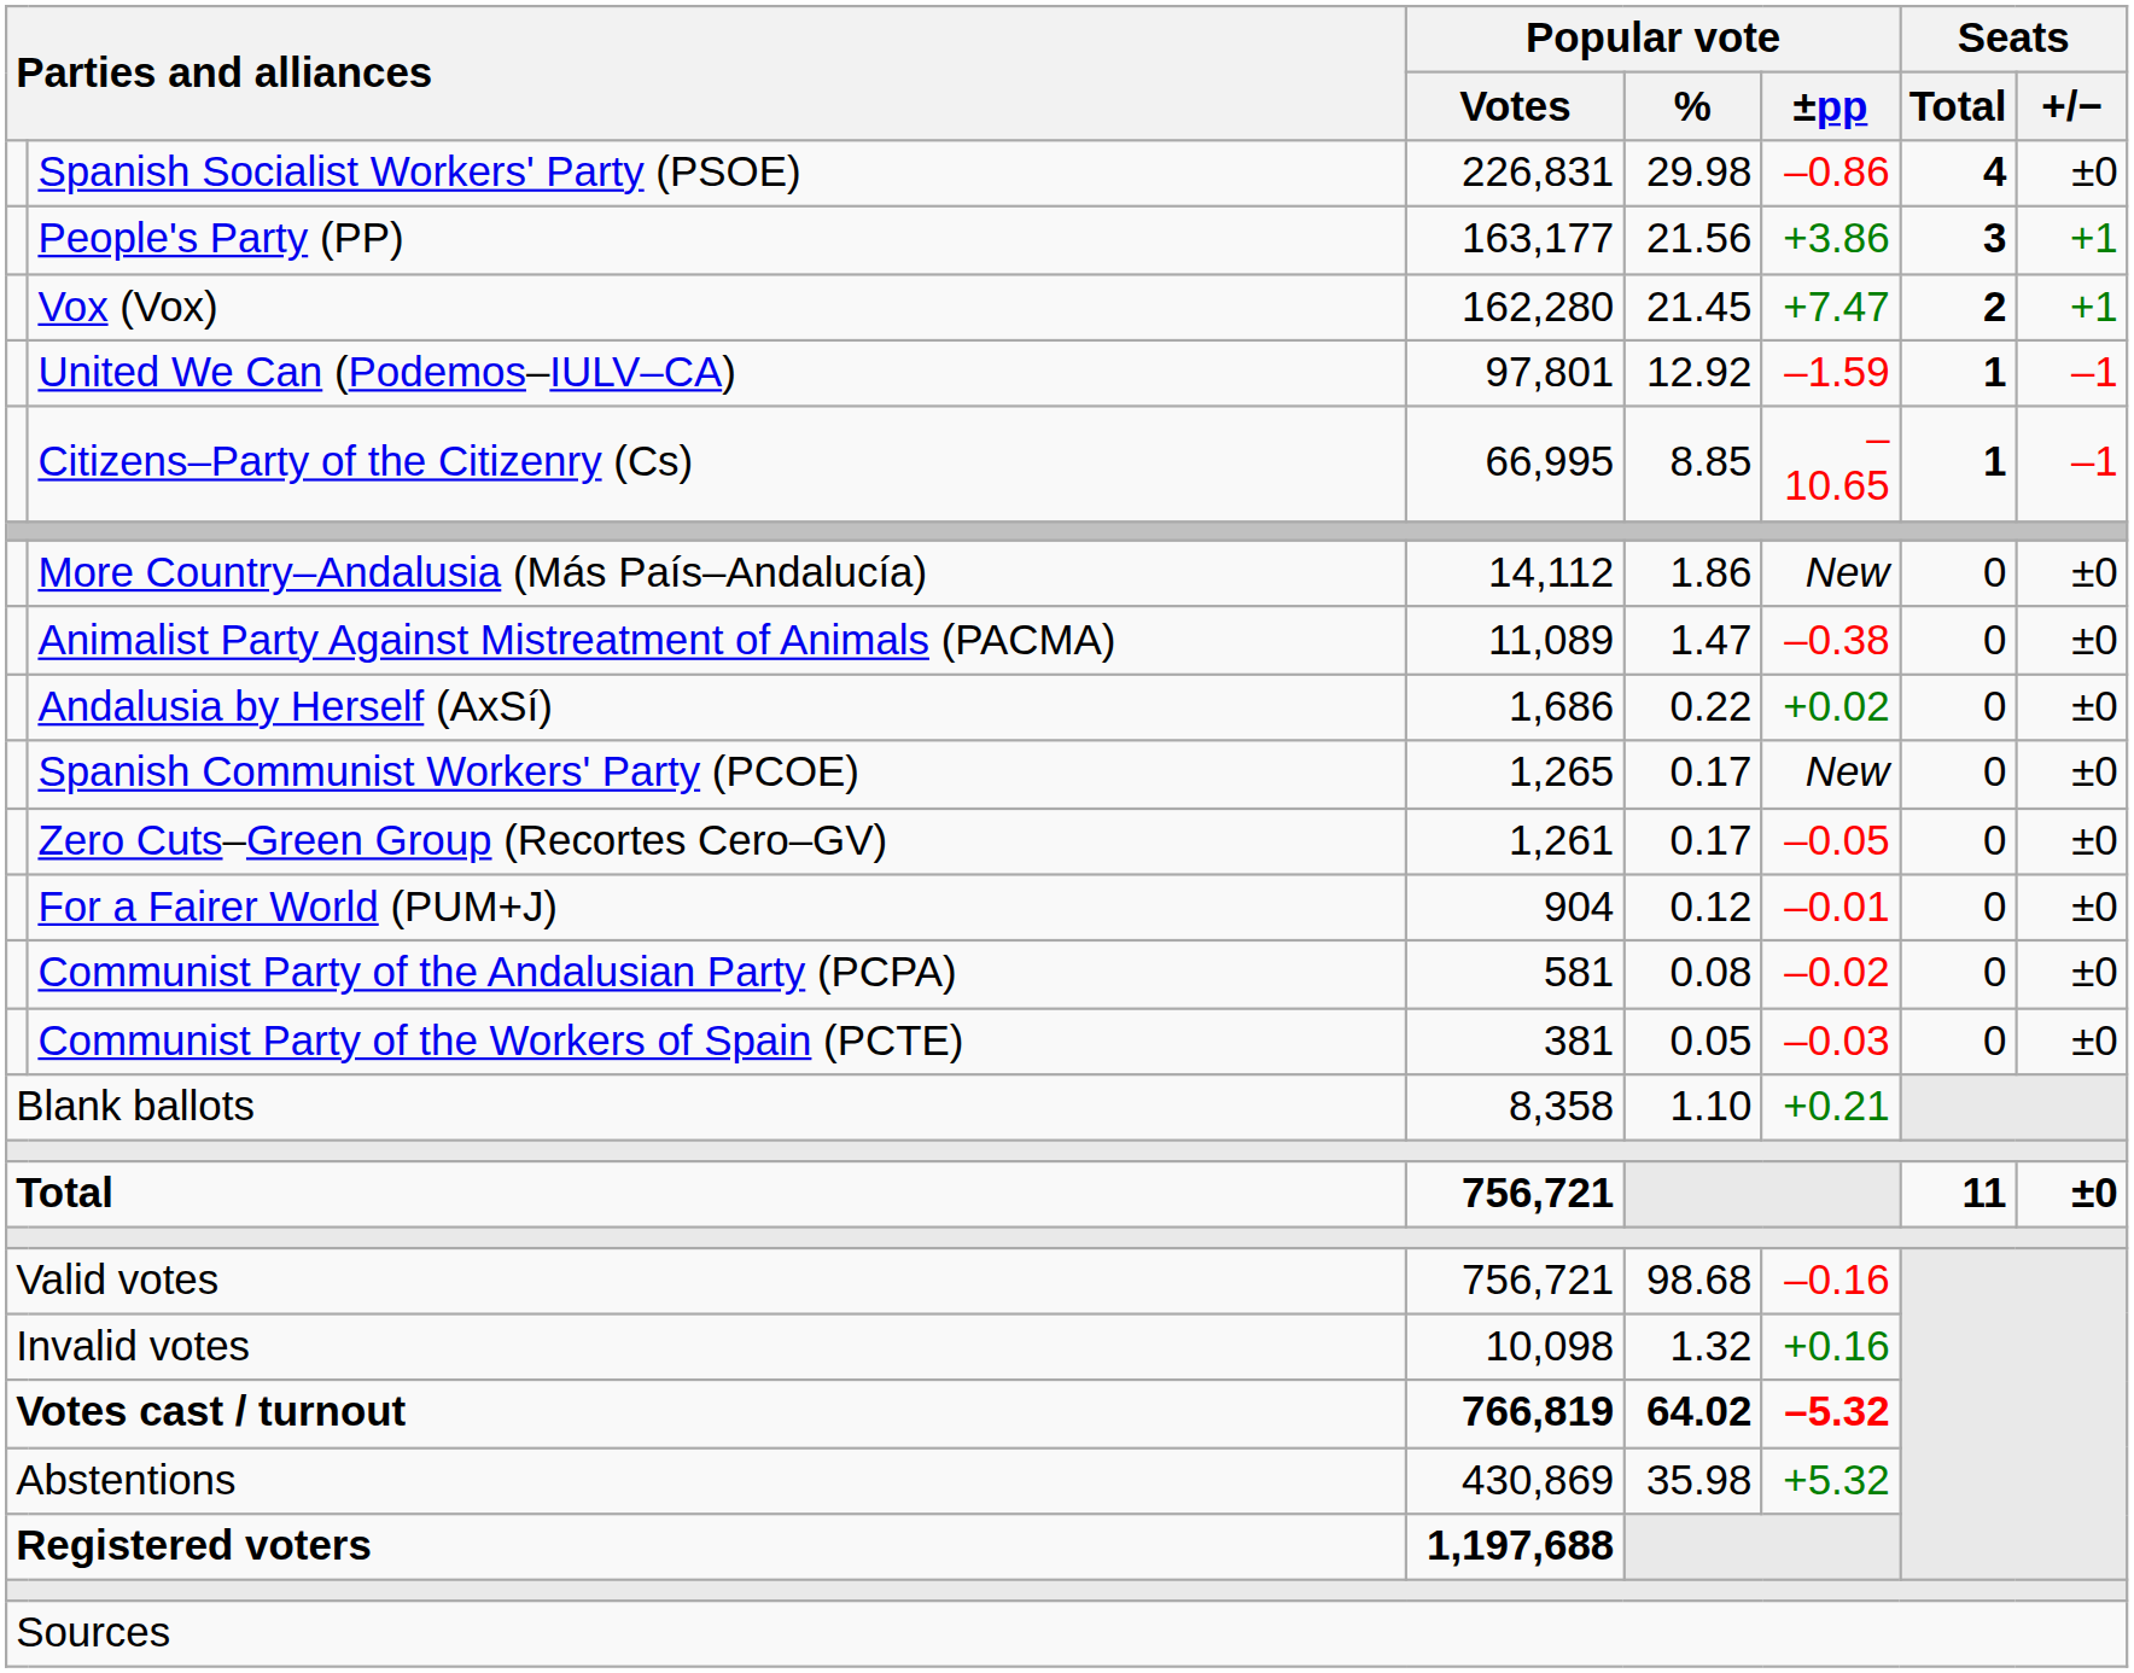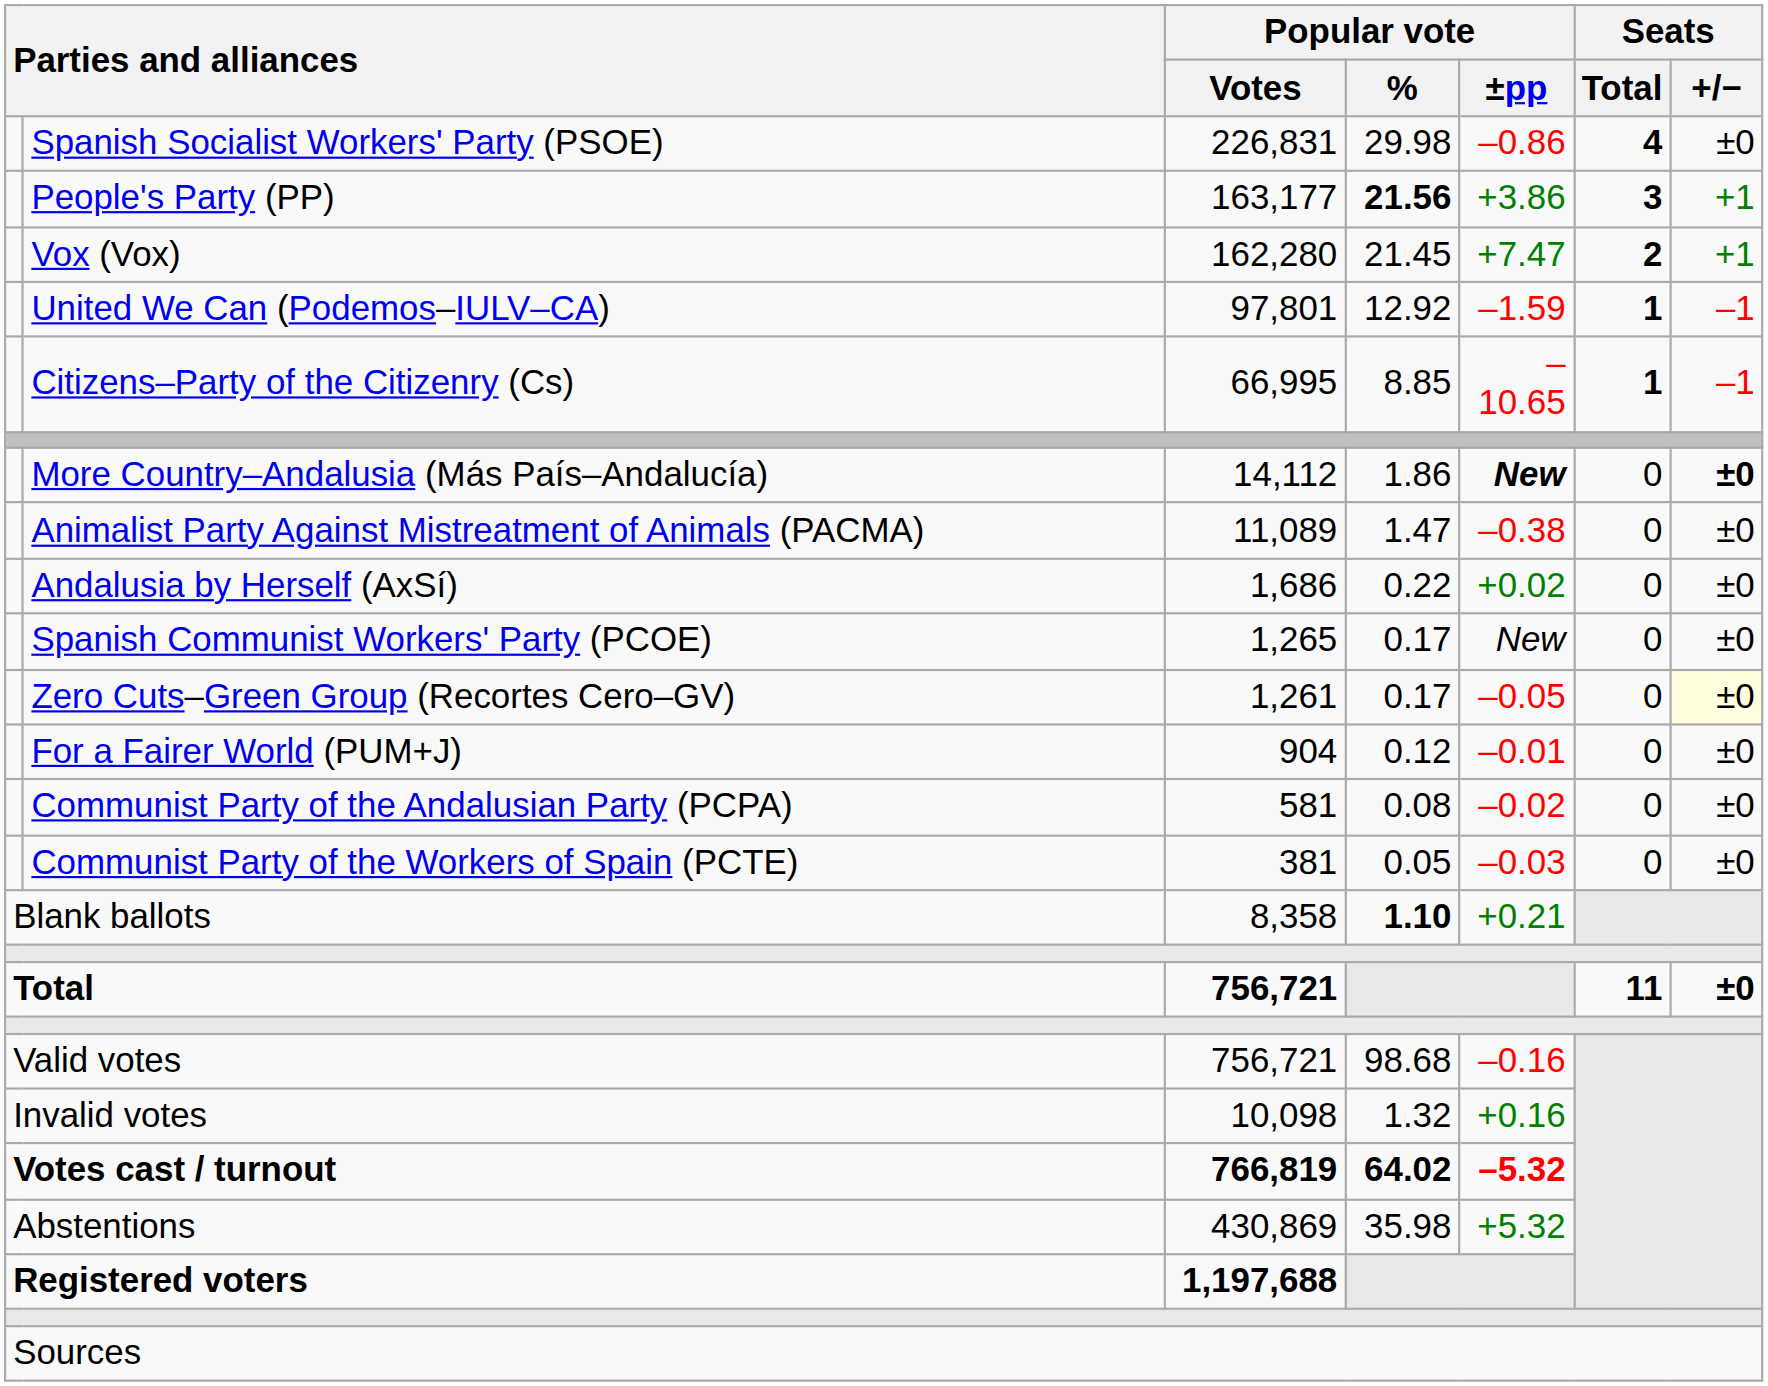 <table class="wikitable" style="text-align:right;">
 <tr>
 <th style="text-align:left;" rowspan="2" colspan="2" width="525">Parties and alliances</th>
 <th colspan="3">Popular vote</th>
 <th colspan="2">Seats</th>
 </tr>
 <tr>
 <th width="75">Votes</th>
 <th width="45">%</th>
 <th width="45">±<a href='#'>pp</a></th>
 <th width="35">Total</th>
 <th width="35">+/−</th>
 </tr>
 <tr>
 <td width="1" style="color:inherit;background:"></td>
 <td align="left"><a href='#'>Spanish Socialist Workers' Party</a> (PSOE)</td>
 <td>226,831</td>
 <td>29.98</td>
 <td style="color:red;">–0.86</td>
 <td><strong>4</strong></td>
 <td>±0</td>
 </tr>
 <tr>
 <td style="color:inherit;background:"></td>
 <td align="left"><a href='#'>People's Party</a> (PP)</td>
 <td>163,177</td>
-<td>21.56</td>
+<td><strong>21.56</strong></td>
 <td style="color:green;">+3.86</td>
 <td><strong>3</strong></td>
 <td style="color:green;">+1</td>
 </tr>
 <tr>
 <td style="color:inherit;background:"></td>
 <td align="left"><a href='#'>Vox</a> (Vox)</td>
 <td>162,280</td>
 <td>21.45</td>
 <td style="color:green;">+7.47</td>
 <td><strong>2</strong></td>
 <td style="color:green;">+1</td>
 </tr>
 <tr>
 <td style="color:inherit;background:"></td>
 <td align="left"><a href='#'>United We Can</a> (<a href='#'>Podemos</a>–<a href='#'>IULV–CA</a>)</td>
 <td>97,801</td>
 <td>12.92</td>
 <td style="color:red;">–1.59</td>
 <td><strong>1</strong></td>
 <td style="color:red;">–1</td>
 </tr>
 <tr>
 <td style="color:inherit;background:"></td>
 <td align="left"><a href='#'>Citizens–Party of the Citizenry</a> (Cs)</td>
 <td>66,995</td>
 <td>8.85</td>
 <td style="color:red;">–10.65</td>
 <td><strong>1</strong></td>
 <td style="color:red;">–1</td>
 </tr>
 <tr>
 <td colspan="7" bgcolor="#C0C0C0"></td>
 </tr>
 <tr>
 <td style="color:inherit;background:"></td>
 <td align="left"><a href='#'>More Country–Andalusia</a> (Más País–Andalucía)</td>
 <td>14,112</td>
 <td>1.86</td>
-<td><em>New</em></td>
+<td><strong><em>New</em></strong></td>
 <td>0</td>
-<td>±0</td>
+<td><strong>±0</strong></td>
 </tr>
 <tr>
 <td style="color:inherit;background:"></td>
 <td align="left"><a href='#'>Animalist Party Against Mistreatment of Animals</a> (PACMA)</td>
 <td>11,089</td>
 <td>1.47</td>
 <td style="color:red;">–0.38</td>
 <td>0</td>
 <td>±0</td>
 </tr>
 <tr>
 <td style="color:inherit;background:"></td>
 <td align="left"><a href='#'>Andalusia by Herself</a> (AxSí)</td>
 <td>1,686</td>
 <td>0.22</td>
 <td style="color:green;">+0.02</td>
 <td>0</td>
 <td>±0</td>
 </tr>
 <tr>
 <td style="color:inherit;background:"></td>
 <td align="left"><a href='#'>Spanish Communist Workers' Party</a> (PCOE)</td>
 <td>1,265</td>
 <td>0.17</td>
 <td><em>New</em></td>
 <td>0</td>
 <td>±0</td>
 </tr>
 <tr>
 <td style="color:inherit;background:"></td>
 <td align="left"><a href='#'>Zero Cuts</a>–<a href='#'>Green Group</a> (Recortes Cero–GV)</td>
 <td>1,261</td>
 <td>0.17</td>
 <td style="color:red;">–0.05</td>
 <td>0</td>
-<td>±0</td>
+<td style="background: lightyellow;">±0</td>
 </tr>
 <tr>
 <td style="color:inherit;background:"></td>
 <td align="left"><a href='#'>For a Fairer World</a> (PUM+J)</td>
 <td>904</td>
 <td>0.12</td>
 <td style="color:red;">–0.01</td>
 <td>0</td>
 <td>±0</td>
 </tr>
 <tr>
 <td style="color:inherit;background:"></td>
 <td align="left"><a href='#'>Communist Party of the Andalusian Party</a> (PCPA)</td>
 <td>581</td>
 <td>0.08</td>
 <td style="color:red;">–0.02</td>
 <td>0</td>
 <td>±0</td>
 </tr>
 <tr>
 <td style="color:inherit;background:"></td>
 <td align="left"><a href='#'>Communist Party of the Workers of Spain</a> (PCTE)</td>
 <td>381</td>
 <td>0.05</td>
 <td style="color:red;">–0.03</td>
 <td>0</td>
 <td>±0</td>
 </tr>
 <tr>
 <td align="left" colspan="2">Blank ballots</td>
 <td>8,358</td>
-<td>1.10</td>
+<td><strong>1.10</strong></td>
 <td style="color:green;">+0.21</td>
 <td bgcolor="#E9E9E9" colspan="2"></td>
 </tr>
 <tr>
 <td colspan="7" bgcolor="#E9E9E9"></td>
 </tr>
 <tr style="font-weight:bold;">
 <td align="left" colspan="2">Total</td>
 <td>756,721</td>
 <td bgcolor="#E9E9E9" colspan="2"></td>
 <td>11</td>
 <td>±0</td>
 </tr>
 <tr>
 <td colspan="7" bgcolor="#E9E9E9"></td>
 </tr>
 <tr>
 <td align="left" colspan="2">Valid votes</td>
 <td>756,721</td>
 <td>98.68</td>
 <td style="color:red;">–0.16</td>
 <td bgcolor="#E9E9E9" colspan="2" rowspan="5"></td>
 </tr>
 <tr>
 <td align="left" colspan="2">Invalid votes</td>
 <td>10,098</td>
 <td>1.32</td>
 <td style="color:green;">+0.16</td>
 </tr>
 <tr style="font-weight:bold;">
 <td align="left" colspan="2">Votes cast / turnout</td>
 <td>766,819</td>
 <td>64.02</td>
 <td style="color:red;">–5.32</td>
 </tr>
 <tr>
 <td align="left" colspan="2">Abstentions</td>
 <td>430,869</td>
 <td>35.98</td>
 <td style="color:green;">+5.32</td>
 </tr>
 <tr style="font-weight:bold;">
 <td align="left" colspan="2">Registered voters</td>
 <td>1,197,688</td>
 <td bgcolor="#E9E9E9" colspan="2"></td>
 </tr>
 <tr>
 <td colspan="7" bgcolor="#E9E9E9"></td>
 </tr>
 <tr>
 <td align="left" colspan="7">Sources</td>
 </tr>
 </table>
